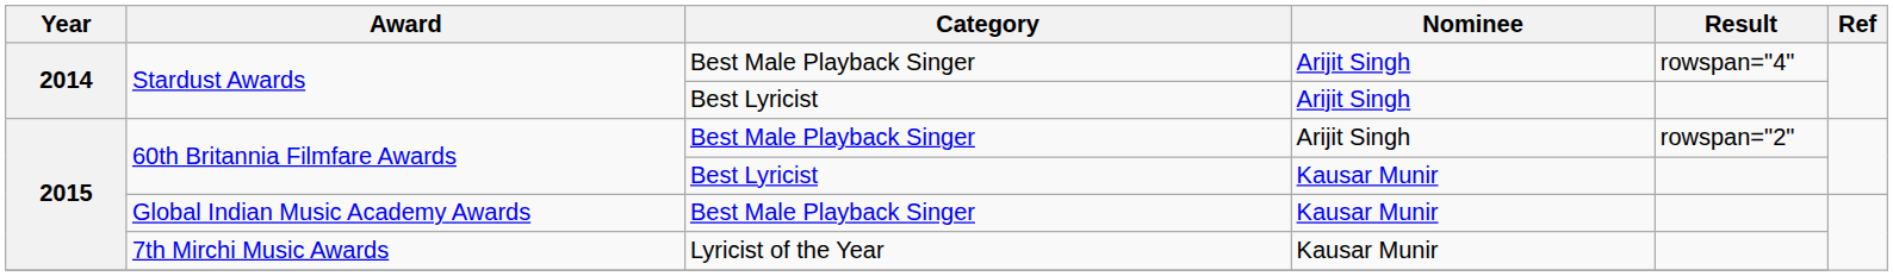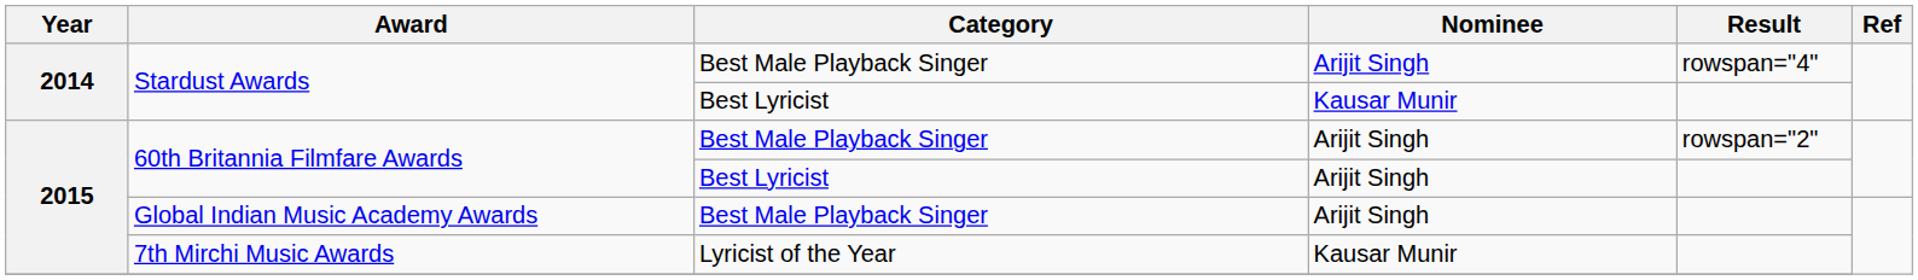 <table class="wikitable plainrowheaders" width="100%" textcolor:"#000;">
 <tr>
 <th width=5%>Year</th>
 <th width=23%>Award</th>
 <th width=25%>Category</th>
 <th width=15%>Nominee</th>
 <th width=5%>Result</th>
 <th width=2%>Ref</th>
 </tr>
 <tr>
 <th scope="row" rowspan="2">2014</th>
 <td rowspan="2"><a href='#'>Stardust Awards</a></td>
 <td>Best Male Playback Singer</td>
 <td><a href='#'>Arijit Singh</a></td>
 <td>rowspan="4" </td>
 <td rowspan="2"></td>
 </tr>
 <tr>
 <td>Best Lyricist</td>
-<td><a href='#'>Arijit Singh</a></td>
+<td><a href='#'>Kausar Munir</a></td>
 </tr>
 <tr>
 <th scope="row" rowspan="4">2015</th>
 <td rowspan="2"><a href='#'>60th Britannia Filmfare Awards</a></td>
 <td><a href='#'>Best Male Playback Singer</a></td>
 <td>Arijit Singh</td>
 <td>rowspan="2" </td>
 <td rowspan="2"></td>
 </tr>
 <tr>
 <td><a href='#'>Best Lyricist</a></td>
-<td><a href='#'>Kausar Munir</a></td>
+<td>Arijit Singh</td>
 </tr>
 <tr>
 <td><a href='#'>Global Indian Music Academy Awards</a></td>
 <td><a href='#'>Best Male Playback Singer</a></td>
-<td><a href='#'>Kausar Munir</a></td>
+<td>Arijit Singh</td>
 <td></td>
 </tr>
 <tr>
 <td><a href='#'>7th Mirchi Music Awards</a></td>
 <td>Lyricist of the Year</td>
 <td>Kausar Munir</td>
 <td></td>
 </tr>
 <tr>
 </tr>
 </table>
